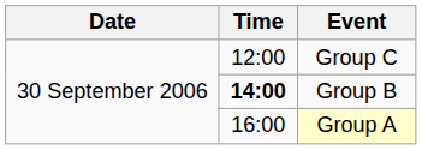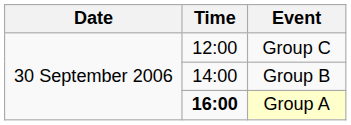 <table class = "wikitable" style="text-align:center;">
 <tr>
 <th width=150>Date</th>
 <th width=50>Time</th>
 <th width=80>Event</th>
 </tr>
 <tr>
 <td rowspan=3>30 September 2006</td>
 <td>12:00</td>
 <td>Group C</td>
 </tr>
 <tr>
-<td><strong>14:00</strong></td>
+<td>14:00</td>
 <td>Group B</td>
 </tr>
 <tr>
-<td>16:00</td>
+<td><strong>16:00</strong></td>
 <td bgcolor=ffffcc>Group A</td>
 </tr>
 </table>
